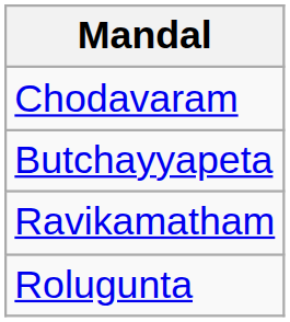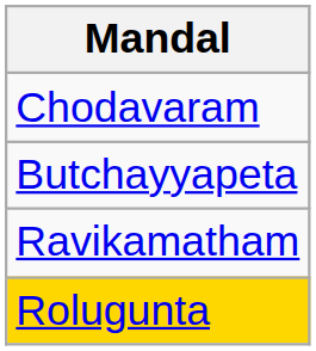 <table class="wikitable sortable static-row-numbers static-row-header-hash">
 <tr>
 <th>Mandal</th>
 </tr>
 <tr>
 <td><a href='#'>Chodavaram</a></td>
 </tr>
 <tr>
 <td><a href='#'>Butchayyapeta</a></td>
 </tr>
 <tr>
 <td><a href='#'>Ravikamatham</a></td>
 </tr>
 <tr>
-<td><a href='#'>Rolugunta</a></td>
+<td style="background: gold;"><a href='#'>Rolugunta</a></td>
 </tr>
 </table>
